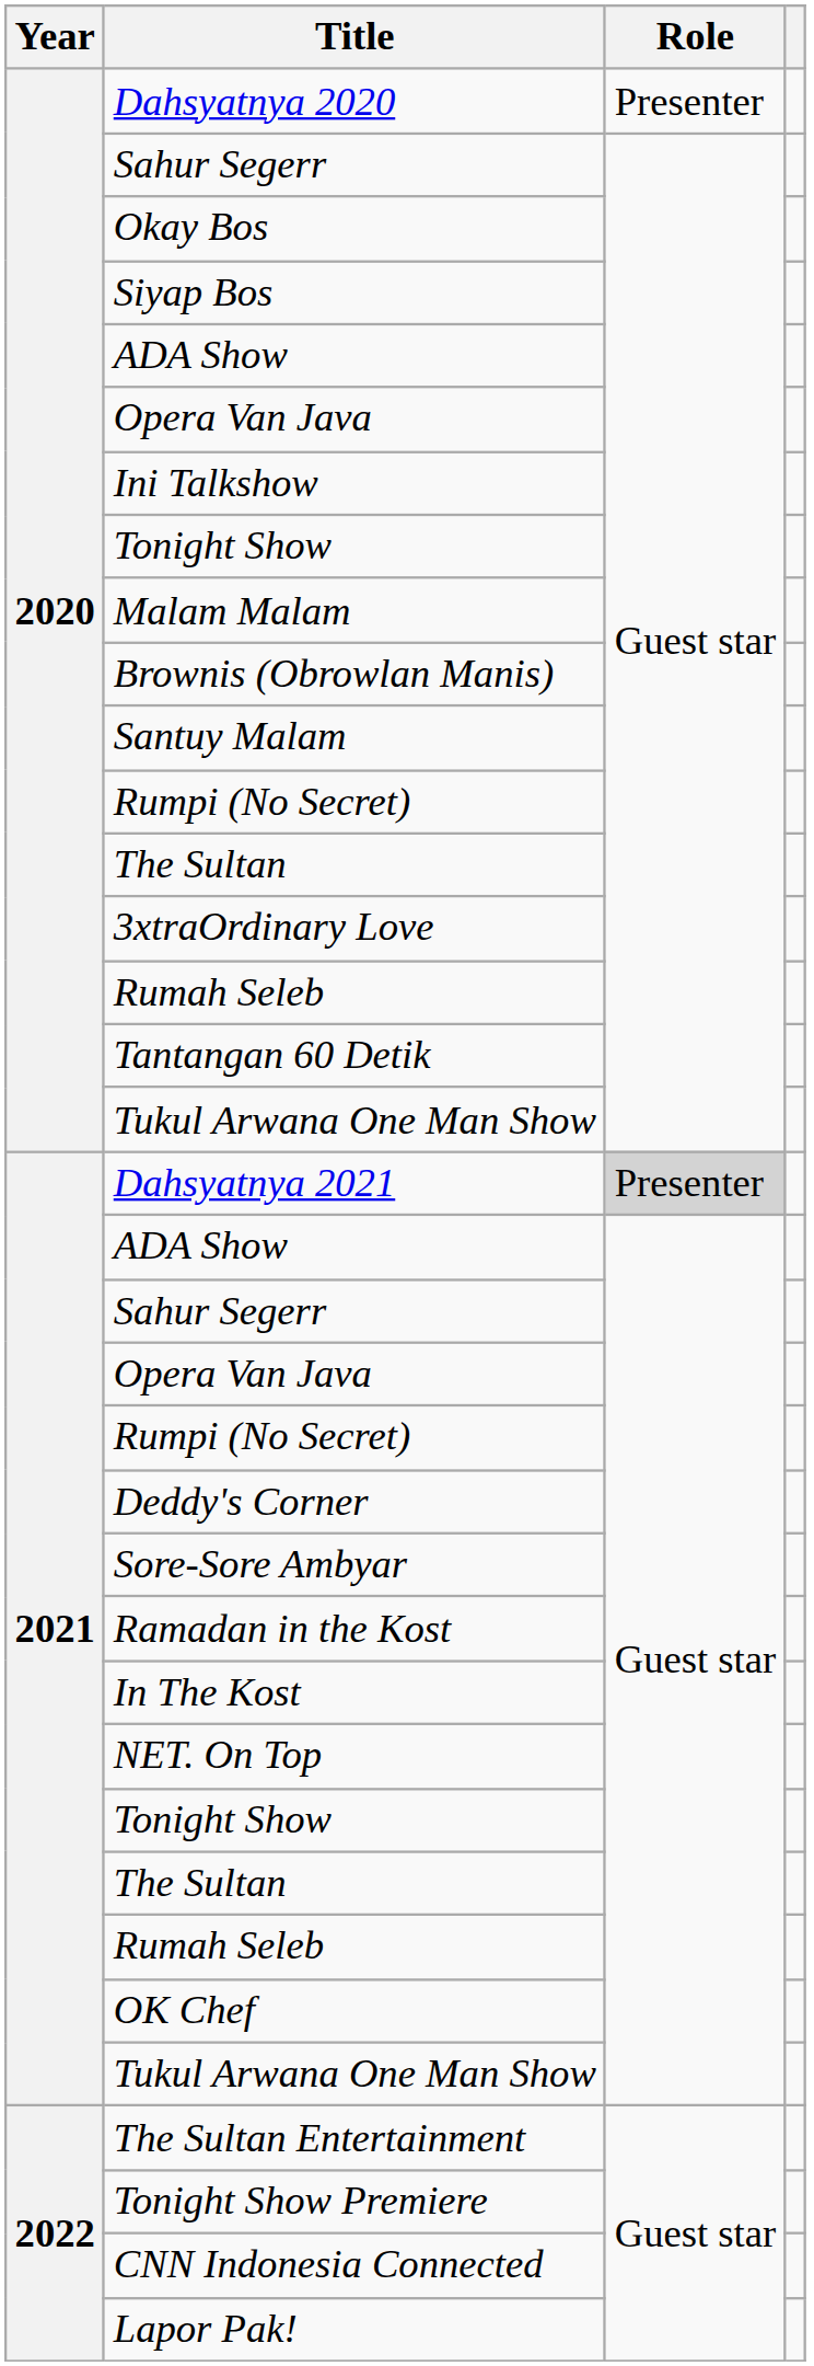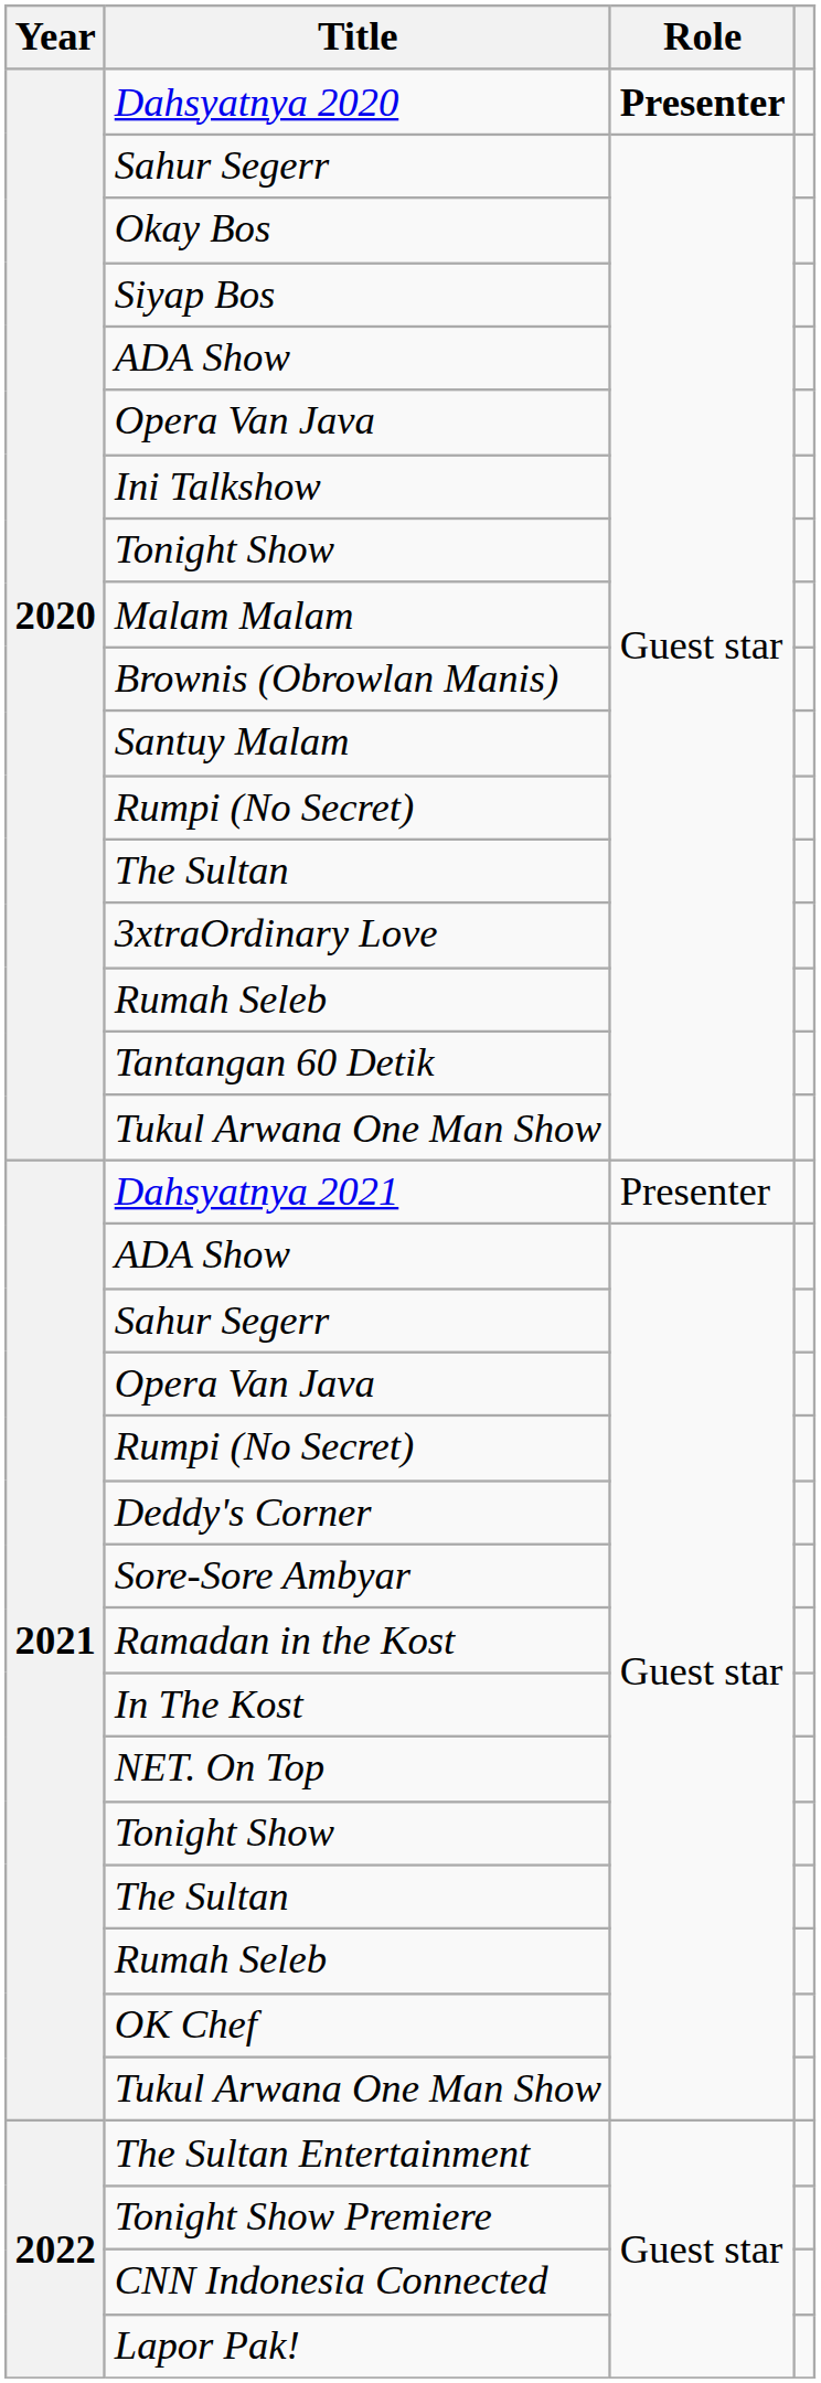 <table class="wikitable plainrowheaders sortable">
 <tr>
 <th scope="col">Year</th>
 <th scope="col">Title</th>
 <th scope="col">Role</th>
 <th></th>
 </tr>
 <tr>
 <th scope="row"rowspan="17">2020</th>
 <td><em><a href='#'>Dahsyatnya 2020</a></em></td>
-<td>Presenter</td>
+<td><strong>Presenter</strong></td>
 <td></td>
 </tr>
 <tr>
 <td><em>Sahur Segerr</em></td>
 <td rowspan="16">Guest star</td>
 <td></td>
 </tr>
 <tr>
 <td><em>Okay Bos</em></td>
 <td></td>
 </tr>
 <tr>
 <td><em>Siyap Bos</em></td>
 <td></td>
 </tr>
 <tr>
 <td><em>ADA Show</em></td>
 <td></td>
 </tr>
 <tr>
 <td><em>Opera Van Java</em></td>
 <td></td>
 </tr>
 <tr>
 <td><em>Ini Talkshow</em></td>
 <td></td>
 </tr>
 <tr>
 <td><em>Tonight Show</em></td>
 <td></td>
 </tr>
 <tr>
 <td><em>Malam Malam</em></td>
 <td></td>
 </tr>
 <tr>
 <td><em>Brownis (Obrowlan Manis)</em></td>
 <td></td>
 </tr>
 <tr>
 <td><em>Santuy Malam</em></td>
 <td></td>
 </tr>
 <tr>
 <td><em>Rumpi (No Secret)</em></td>
 <td></td>
 </tr>
 <tr>
 <td><em>The Sultan</em></td>
 <td></td>
 </tr>
 <tr>
 <td><em>3xtraOrdinary Love</em></td>
 <td></td>
 </tr>
 <tr>
 <td><em>Rumah Seleb</em></td>
 <td></td>
 </tr>
 <tr>
 <td><em>Tantangan 60 Detik</em></td>
 <td></td>
 </tr>
 <tr>
 <td><em>Tukul Arwana One Man Show</em></td>
 <td></td>
 </tr>
 <tr>
 <th scope="row"rowspan="15">2021</th>
 <td><em><a href='#'>Dahsyatnya 2021</a></em></td>
-<td style="background: lightgrey;">Presenter</td>
+<td>Presenter</td>
 <td></td>
 </tr>
 <tr>
 <td><em>ADA Show</em></td>
 <td rowspan="14">Guest star</td>
 <td></td>
 </tr>
 <tr>
 <td><em>Sahur Segerr</em></td>
 <td></td>
 </tr>
 <tr>
 <td><em>Opera Van Java</em></td>
 <td></td>
 </tr>
 <tr>
 <td><em>Rumpi (No Secret)</em></td>
 <td></td>
 </tr>
 <tr>
 <td><em>Deddy's Corner</em></td>
 <td></td>
 </tr>
 <tr>
 <td><em>Sore-Sore Ambyar</em></td>
 <td></td>
 </tr>
 <tr>
 <td><em>Ramadan in the Kost</em></td>
 <td></td>
 </tr>
 <tr>
 <td><em>In The Kost</em></td>
 <td></td>
 </tr>
 <tr>
 <td><em>NET. On Top</em></td>
 <td></td>
 </tr>
 <tr>
 <td><em>Tonight Show</em></td>
 <td></td>
 </tr>
 <tr>
 <td><em>The Sultan</em></td>
 <td></td>
 </tr>
 <tr>
 <td><em>Rumah Seleb</em></td>
 <td></td>
 </tr>
 <tr>
 <td><em>OK Chef</em></td>
 <td></td>
 </tr>
 <tr>
 <td><em>Tukul Arwana One Man Show</em></td>
 <td></td>
 </tr>
 <tr>
 <th scope="row"rowspan="4">2022</th>
 <td><em>The Sultan Entertainment</em></td>
 <td rowspan="4">Guest star</td>
 <td></td>
 </tr>
 <tr>
 <td><em>Tonight Show Premiere</em></td>
 <td></td>
 </tr>
 <tr>
 <td><em>CNN Indonesia Connected</em></td>
 <td></td>
 </tr>
 <tr>
 <td><em>Lapor Pak!</em></td>
 <td></td>
 </tr>
 </table>
